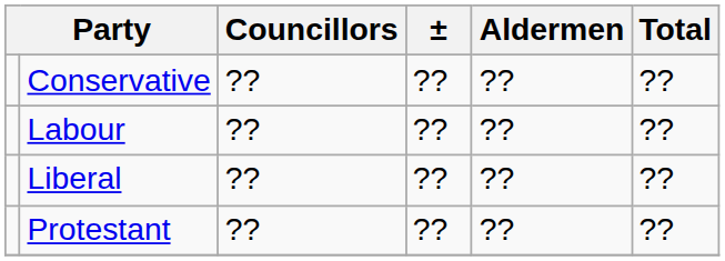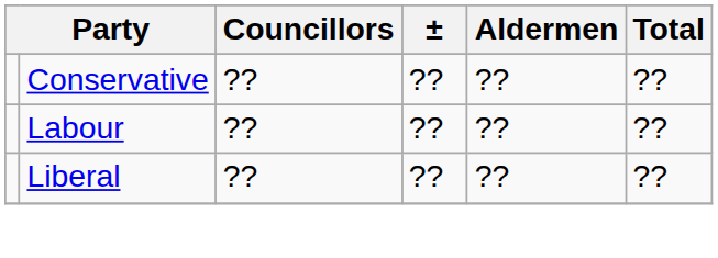 <table class="wikitable">
 <tr>
 <th colspan="2">Party</th>
 <th>Councillors</th>
 <th>  ±  </th>
 <th>Aldermen</th>
 <th>Total</th>
 </tr>
 <tr>
 <td style="background-color: "></td>
 <td><a href='#'>Conservative</a></td>
 <td>??</td>
 <td>??</td>
 <td>??</td>
 <td>??</td>
 </tr>
 <tr>
 <td style="background-color: "></td>
 <td><a href='#'>Labour</a></td>
 <td>??</td>
 <td>??</td>
 <td>??</td>
 <td>??</td>
 </tr>
 <tr>
 <td style="background-color: "></td>
 <td><a href='#'>Liberal</a></td>
 <td>??</td>
 <td>??</td>
 <td>??</td>
 <td>??</td>
 </tr>
 <tr>
-<td style="background-color: "></td>
-<td><a href='#'>Protestant</a></td>
-<td>??</td>
-<td>??</td>
-<td>??</td>
-<td>??</td>
-</tr>
-<tr>
 </tr>
 </table>
